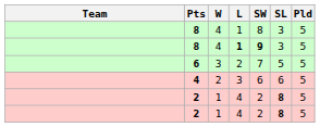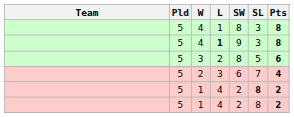 <table class=wikitable style="text-align:center">
 <tr>
 <th width=220>Team</th>
-<th width=20>Pts</th>
+<th width=20>Pld</th>
 <th width=20>W</th>
 <th width=20>L</th>
 <th width=20>SW</th>
 <th width=20>SL</th>
-<th width=20>Pld</th>
+<th width=20>Pts</th>
 </tr>
 <tr bgcolor=ccffcc>
 <td align=left></td>
-<td><strong>8</strong></td>
+<td>5</td>
 <td>4</td>
 <td>1</td>
 <td>8</td>
 <td>3</td>
-<td>5</td>
+<td><strong>8</strong></td>
 </tr>
 <tr bgcolor=ccffcc>
 <td align=left></td>
-<td><strong>8</strong></td>
+<td>5</td>
 <td>4</td>
 <td><strong>1</strong></td>
-<td><strong>9</strong></td>
+<td>9</td>
 <td>3</td>
-<td>5</td>
+<td><strong>8</strong></td>
 </tr>
 <tr bgcolor=ccffcc>
 <td align=left></td>
-<td><strong>6</strong></td>
+<td>5</td>
 <td>3</td>
 <td>2</td>
-<td>7</td>
+<td>8</td>
 <td>5</td>
-<td>5</td>
+<td><strong>6</strong></td>
 </tr>
 <tr bgcolor=ffcccc>
 <td align=left></td>
-<td><strong>4</strong></td>
+<td>5</td>
 <td>2</td>
 <td>3</td>
 <td>6</td>
-<td>6</td>
-<td>5</td>
+<td>7</td>
+<td><strong>4</strong></td>
 </tr>
 <tr bgcolor=ffcccc>
 <td align=left></td>
-<td><strong>2</strong></td>
+<td>5</td>
 <td>1</td>
 <td>4</td>
 <td>2</td>
 <td><strong>8</strong></td>
-<td>5</td>
+<td><strong>2</strong></td>
 </tr>
 <tr bgcolor=ffcccc>
 <td align=left></td>
-<td><strong>2</strong></td>
+<td>5</td>
 <td>1</td>
 <td>4</td>
 <td>2</td>
-<td><strong>8</strong></td>
-<td>5</td>
+<td>8</td>
+<td><strong>2</strong></td>
 </tr>
 </table>
